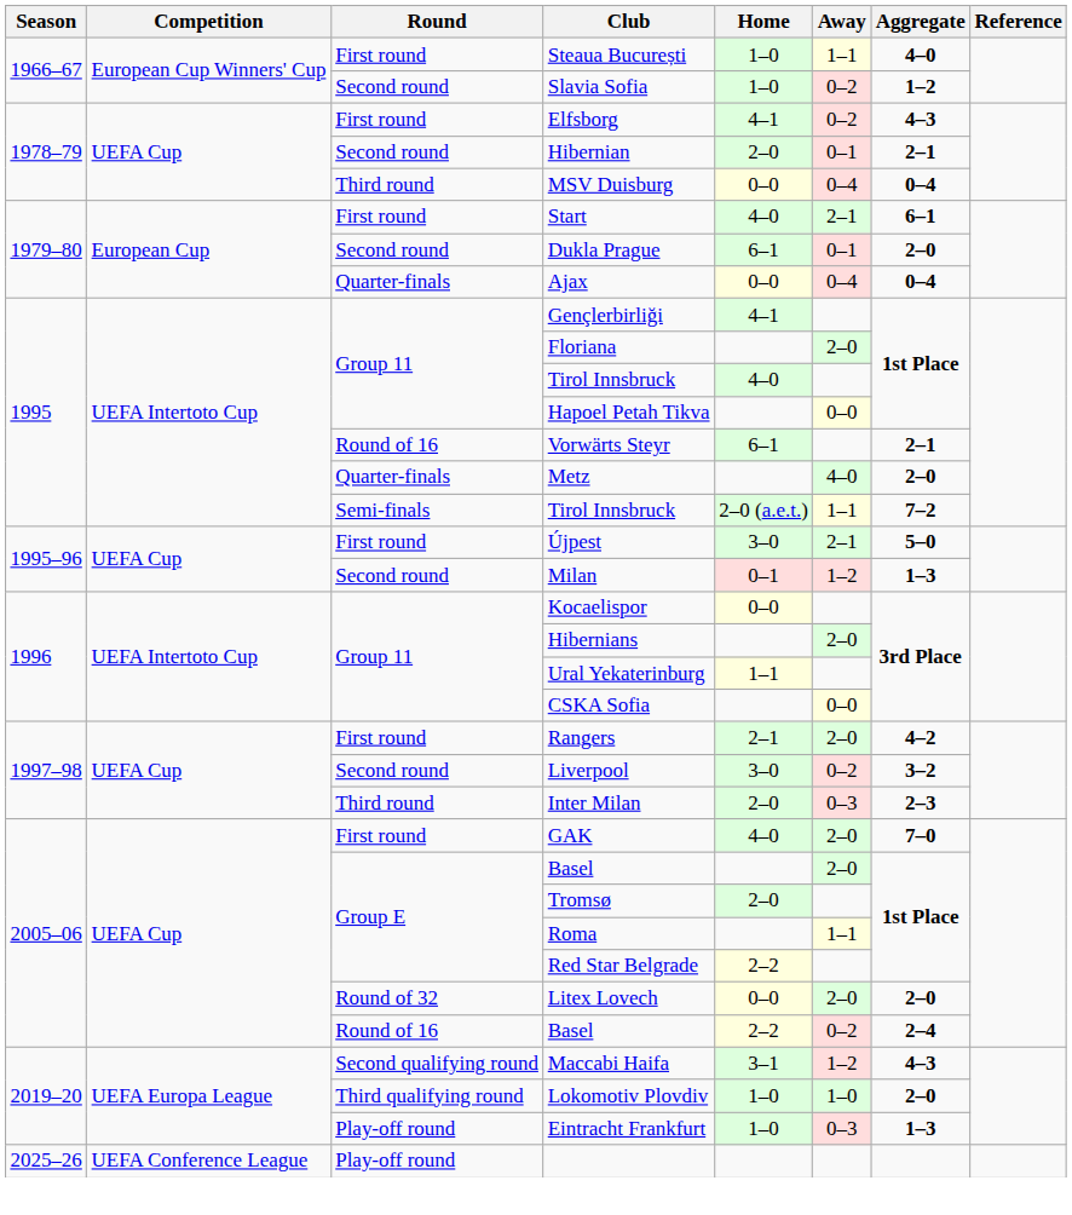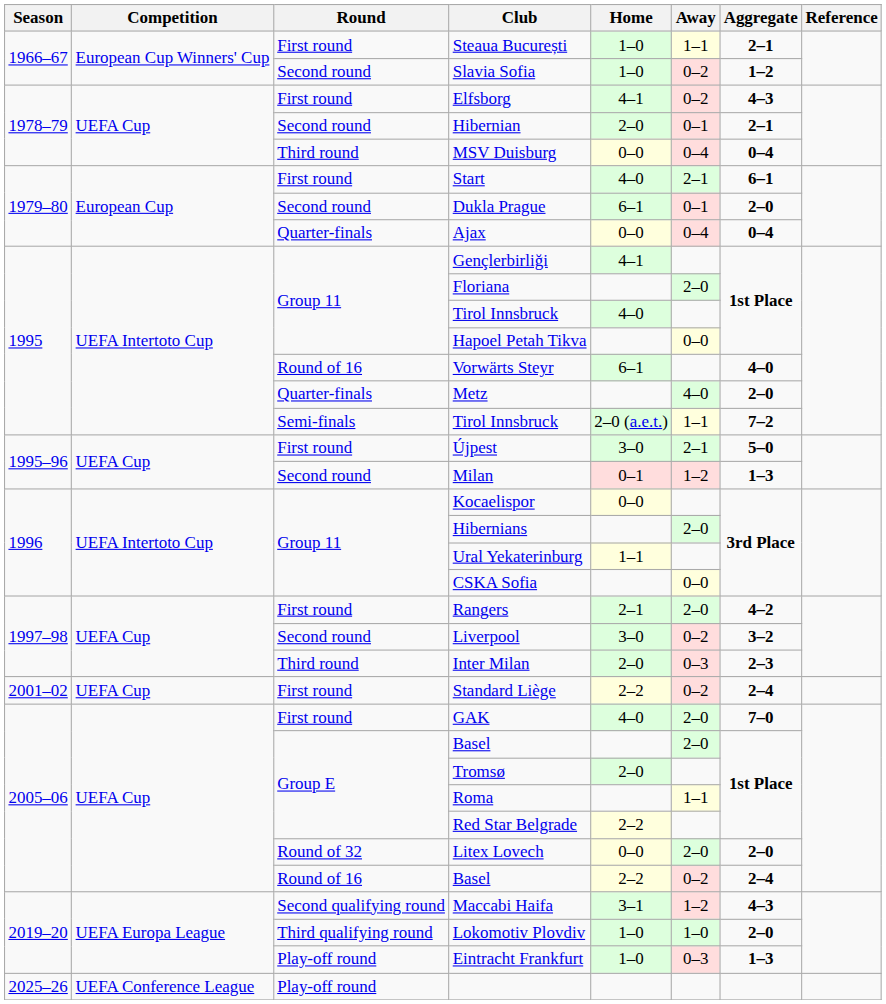 <table class="wikitable" style="text-align:left">
 <tr>
 <th>Season</th>
 <th>Competition</th>
 <th>Round</th>
 <th>Club</th>
 <th>Home</th>
 <th>Away</th>
 <th>Aggregate</th>
 <th>Reference</th>
 </tr>
 <tr>
 <td rowspan="2"><a href='#'>1966–67</a></td>
 <td rowspan="2"><a href='#'>European Cup Winners' Cup</a></td>
 <td><a href='#'>First round</a></td>
 <td> <a href='#'>Steaua București</a></td>
 <td style="text-align:center; background:#dfd;">1–0</td>
 <td style="text-align:center; background:#ffd;">1–1</td>
-<td style="text-align:center;"><strong>4–0</strong></td>
+<td style="text-align:center;"><strong>2–1</strong></td>
 <td rowspan="2" align=center></td>
 </tr>
 <tr>
 <td><a href='#'>Second round</a></td>
 <td> <a href='#'>Slavia Sofia</a></td>
 <td style="text-align:center; background:#dfd;">1–0</td>
 <td style="text-align:center; background:#fdd;">0–2</td>
 <td style="text-align:center;"><strong>1–2</strong></td>
 </tr>
 <tr>
 <td rowspan="3"><a href='#'>1978–79</a></td>
 <td rowspan="3"><a href='#'>UEFA Cup</a></td>
 <td><a href='#'>First round</a></td>
 <td> <a href='#'>Elfsborg</a></td>
 <td style="text-align:center; background:#dfd;">4–1</td>
 <td style="text-align:center; background:#fdd;">0–2</td>
 <td style="text-align:center;"><strong>4–3</strong></td>
 <td rowspan="3" align=center></td>
 </tr>
 <tr>
 <td><a href='#'>Second round</a></td>
 <td> <a href='#'>Hibernian</a></td>
 <td style="text-align:center; background:#dfd;">2–0</td>
 <td style="text-align:center; background:#fdd;">0–1</td>
 <td style="text-align:center;"><strong>2–1</strong></td>
 </tr>
 <tr>
 <td><a href='#'>Third round</a></td>
 <td> <a href='#'>MSV Duisburg</a></td>
 <td style="text-align:center; background:#ffd;">0–0</td>
 <td style="text-align:center; background:#fdd;">0–4</td>
 <td style="text-align:center;"><strong>0–4</strong></td>
 </tr>
 <tr>
 <td rowspan="3"><a href='#'>1979–80</a></td>
 <td rowspan="3"><a href='#'>European Cup</a></td>
 <td><a href='#'>First round</a></td>
 <td> <a href='#'>Start</a></td>
 <td style="text-align:center; background:#dfd;">4–0</td>
 <td style="text-align:center; background:#dfd;">2–1</td>
 <td style="text-align:center;"><strong>6–1</strong></td>
 <td rowspan="3" align=center></td>
 </tr>
 <tr>
 <td><a href='#'>Second round</a></td>
 <td> <a href='#'>Dukla Prague</a></td>
 <td style="text-align:center; background:#dfd;">6–1</td>
 <td style="text-align:center; background:#fdd;">0–1</td>
 <td style="text-align:center;"><strong>2–0</strong></td>
 </tr>
 <tr>
 <td><a href='#'>Quarter-finals</a></td>
 <td> <a href='#'>Ajax</a></td>
 <td style="text-align:center; background:#ffd;">0–0</td>
 <td style="text-align:center; background:#fdd;">0–4</td>
 <td style="text-align:center;"><strong>0–4</strong></td>
 </tr>
 <tr>
 <td rowspan="7"><a href='#'>1995</a></td>
 <td rowspan="7"><a href='#'>UEFA Intertoto Cup</a></td>
 <td rowspan="4"><a href='#'>Group 11</a></td>
 <td> <a href='#'>Gençlerbirliği</a></td>
 <td style="text-align:center; background:#dfd;">4–1</td>
 <td></td>
 <td rowspan="4" style="text-align:center;"><strong>1st Place</strong></td>
 <td rowspan="7" align=center></td>
 </tr>
 <tr>
 <td> <a href='#'>Floriana</a></td>
 <td></td>
 <td style="text-align:center; background:#dfd;">2–0</td>
 </tr>
 <tr>
 <td> <a href='#'>Tirol Innsbruck</a></td>
 <td style="text-align:center; background:#dfd;">4–0</td>
 <td></td>
 </tr>
 <tr>
 <td> <a href='#'>Hapoel Petah Tikva</a></td>
 <td></td>
 <td style="text-align:center; background:#ffd;">0–0</td>
 </tr>
 <tr>
 <td><a href='#'>Round of 16</a></td>
 <td> <a href='#'>Vorwärts Steyr</a></td>
 <td style="text-align:center; background:#dfd;">6–1</td>
 <td></td>
-<td style="text-align:center;"><strong>2–1</strong></td>
+<td style="text-align:center;"><strong>4–0</strong></td>
 </tr>
 <tr>
 <td><a href='#'>Quarter-finals</a></td>
 <td> <a href='#'>Metz</a></td>
 <td></td>
 <td style="text-align:center; background:#dfd;">4–0</td>
 <td style="text-align:center;"><strong>2–0</strong></td>
 </tr>
 <tr>
 <td><a href='#'>Semi-finals</a></td>
 <td> <a href='#'>Tirol Innsbruck</a></td>
 <td style="text-align:center; background:#dfd;">2–0 (<a href='#'>a.e.t.</a>)</td>
 <td style="text-align:center; background:#ffd;">1–1</td>
 <td style="text-align:center;"><strong>7–2</strong></td>
 </tr>
 <tr>
 <td rowspan="2"><a href='#'>1995–96</a></td>
 <td rowspan="2"><a href='#'>UEFA Cup</a></td>
 <td><a href='#'>First round</a></td>
 <td> <a href='#'>Újpest</a></td>
 <td style="text-align:center; background:#dfd;">3–0</td>
 <td style="text-align:center; background:#dfd;">2–1</td>
 <td style="text-align:center;"><strong>5–0</strong></td>
 <td rowspan="2" align=center></td>
 </tr>
 <tr>
 <td><a href='#'>Second round</a></td>
 <td> <a href='#'>Milan</a></td>
 <td style="text-align:center; background:#fdd;">0–1</td>
 <td style="text-align:center; background:#fdd;">1–2</td>
 <td style="text-align:center;"><strong>1–3</strong></td>
 </tr>
 <tr>
 <td rowspan="4"><a href='#'>1996</a></td>
 <td rowspan="4"><a href='#'>UEFA Intertoto Cup</a></td>
 <td rowspan="4"><a href='#'>Group 11</a></td>
 <td> <a href='#'>Kocaelispor</a></td>
 <td style="text-align:center; background:#ffd;">0–0</td>
 <td></td>
 <td rowspan="4" style="text-align:center;"><strong>3rd Place</strong></td>
 <td rowspan="4" align=center></td>
 </tr>
 <tr>
 <td> <a href='#'>Hibernians</a></td>
 <td></td>
 <td style="text-align:center; background:#dfd;">2–0</td>
 </tr>
 <tr>
 <td> <a href='#'>Ural Yekaterinburg</a></td>
 <td style="text-align:center; background:#ffd;">1–1</td>
 <td></td>
 </tr>
 <tr>
 <td> <a href='#'>CSKA Sofia</a></td>
 <td></td>
 <td style="text-align:center; background:#ffd;">0–0</td>
 </tr>
 <tr>
 <td rowspan="3"><a href='#'>1997–98</a></td>
 <td rowspan="3"><a href='#'>UEFA Cup</a></td>
 <td><a href='#'>First round</a></td>
 <td> <a href='#'>Rangers</a></td>
 <td style="text-align:center; background:#dfd;">2–1</td>
 <td style="text-align:center; background:#dfd;">2–0</td>
 <td style="text-align:center;"><strong>4–2</strong></td>
 <td rowspan="3" align=center></td>
 </tr>
 <tr>
 <td><a href='#'>Second round</a></td>
 <td> <a href='#'>Liverpool</a></td>
 <td style="text-align:center; background:#dfd;">3–0</td>
 <td style="text-align:center; background:#fdd;">0–2</td>
 <td style="text-align:center;"><strong>3–2</strong></td>
 </tr>
 <tr>
 <td><a href='#'>Third round</a></td>
 <td> <a href='#'>Inter Milan</a></td>
 <td style="text-align:center; background:#dfd;">2–0</td>
 <td style="text-align:center; background:#fdd;">0–3</td>
 <td style="text-align:center;"><strong>2–3</strong></td>
 </tr>
 <tr>
+<td><a href='#'>2001–02</a></td>
+<td><a href='#'>UEFA Cup</a></td>
+<td><a href='#'>First round</a></td>
+<td> <a href='#'>Standard Liège</a></td>
+<td style="text-align:center; background:#ffd;">2–2</td>
+<td style="text-align:center; background:#fdd;">0–2</td>
+<td style="text-align:center;"><strong>2–4</strong></td>
+<td align=center></td>
+</tr>
+<tr>
 <td rowspan="7"><a href='#'>2005–06</a></td>
 <td rowspan="7"><a href='#'>UEFA Cup</a></td>
 <td><a href='#'>First round</a></td>
 <td> <a href='#'>GAK</a></td>
 <td style="text-align:center; background:#dfd;">4–0</td>
 <td style="text-align:center; background:#dfd;">2–0</td>
 <td style="text-align:center;"><strong>7–0</strong></td>
 <td rowspan="7" align=center></td>
 </tr>
 <tr>
 <td rowspan="4"><a href='#'>Group E</a></td>
 <td> <a href='#'>Basel</a></td>
 <td></td>
 <td style="text-align:center; background:#dfd;">2–0</td>
 <td rowspan="4" style="text-align:center;"><strong>1st Place</strong></td>
 </tr>
 <tr>
 <td> <a href='#'>Tromsø</a></td>
 <td style="text-align:center; background:#dfd;">2–0</td>
 <td></td>
 </tr>
 <tr>
 <td> <a href='#'>Roma</a></td>
 <td></td>
 <td style="text-align:center; background:#ffd;">1–1</td>
 </tr>
 <tr>
 <td> <a href='#'>Red Star Belgrade</a></td>
 <td style="text-align:center; background:#ffd;">2–2</td>
 <td></td>
 </tr>
 <tr>
 <td><a href='#'>Round of 32</a></td>
 <td> <a href='#'>Litex Lovech</a></td>
 <td style="text-align:center; background:#ffd;">0–0</td>
 <td style="text-align:center; background:#dfd;">2–0</td>
 <td style="text-align:center;"><strong>2–0</strong></td>
 </tr>
 <tr>
 <td><a href='#'>Round of 16</a></td>
 <td> <a href='#'>Basel</a></td>
 <td style="text-align:center; background:#ffd;">2–2</td>
 <td style="text-align:center; background:#fdd;">0–2</td>
 <td style="text-align:center;"><strong>2–4</strong></td>
 </tr>
 <tr>
 <td rowspan="3"><a href='#'>2019–20</a></td>
 <td rowspan="3"><a href='#'>UEFA Europa League</a></td>
 <td><a href='#'>Second qualifying round</a></td>
 <td> <a href='#'>Maccabi Haifa</a></td>
 <td style="text-align:center; background: #dfd;">3–1</td>
 <td style="text-align:center; background: #fdd;">1–2</td>
 <td style="text-align:center;"><strong>4–3</strong></td>
 <td rowspan="3" align=center></td>
 </tr>
 <tr>
 <td><a href='#'>Third qualifying round</a></td>
 <td> <a href='#'>Lokomotiv Plovdiv</a></td>
 <td style="text-align:center; background: #dfd;">1–0</td>
 <td style="text-align:center; background: #dfd;">1–0</td>
 <td style="text-align:center;"><strong>2–0</strong></td>
 </tr>
 <tr>
 <td><a href='#'>Play-off round</a></td>
 <td> <a href='#'>Eintracht Frankfurt</a></td>
 <td style="text-align:center; background: #dfd;">1–0</td>
 <td style="text-align:center; background: #fdd;">0–3</td>
 <td style="text-align:center;"><strong>1–3</strong></td>
 </tr>
 <tr>
 <td><a href='#'>2025–26</a></td>
 <td><a href='#'>UEFA Conference League</a></td>
 <td><a href='#'>Play-off round</a></td>
 <td></td>
 <td style="text-align:center;"></td>
 <td style="text-align:center;"></td>
 <td style="text-align:center;"></td>
 <td rowspan="3" align=center></td>
 </tr>
 </table>
